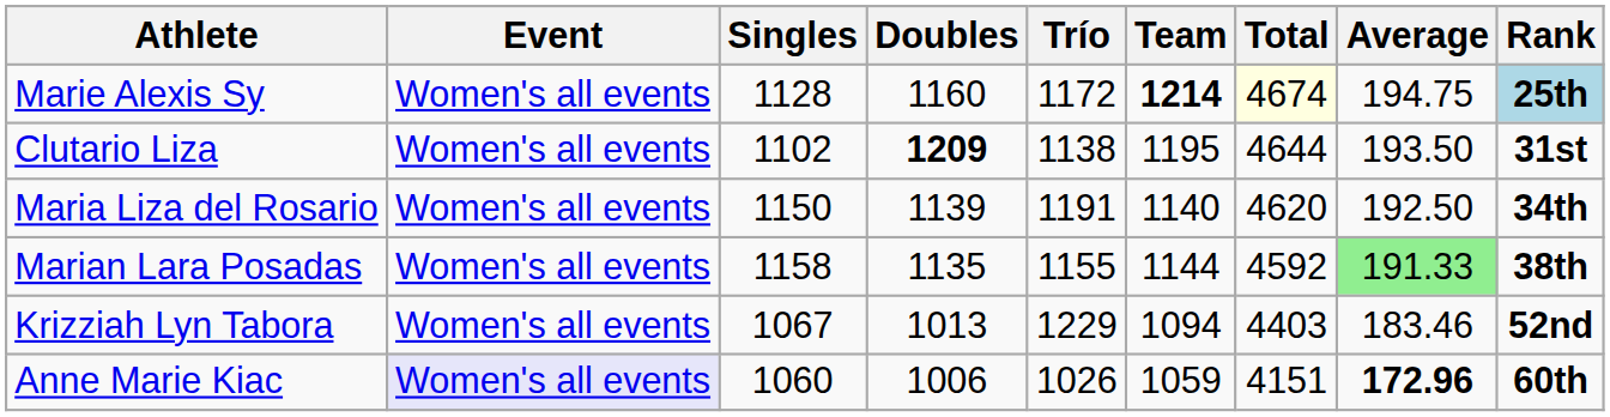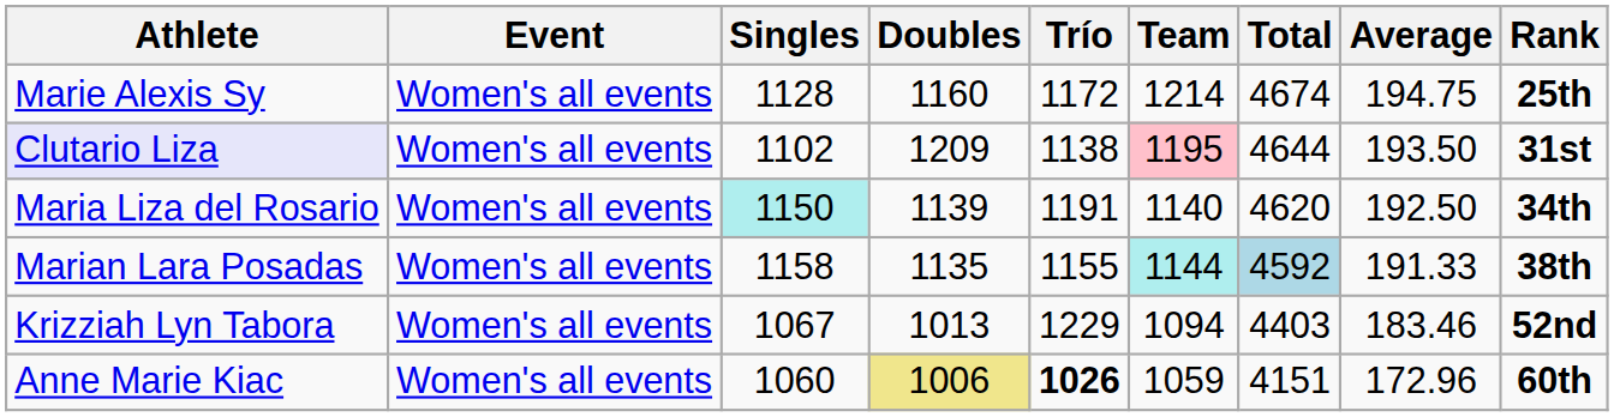 <table class="wikitable" border="1" style="font-size:90%">
 <tr>
 <th>Athlete</th>
 <th>Event</th>
 <th>Singles</th>
 <th>Doubles</th>
 <th>Trío</th>
 <th>Team</th>
 <th>Total</th>
 <th>Average</th>
 <th>Rank</th>
 </tr>
 <tr>
 <td><a href='#'>Marie Alexis Sy</a></td>
 <td><a href='#'>Women's all events</a></td>
 <td align=center>1128</td>
 <td align=center>1160</td>
 <td align=center>1172</td>
-<td align=center><strong>1214</strong></td>
-<td align=center style="background: lightyellow;">4674</td>
+<td align=center>1214</td>
+<td align=center>4674</td>
 <td align=center>194.75</td>
-<td align=center style="background: lightblue;"><strong>25th</strong></td>
+<td align=center><strong>25th</strong></td>
 </tr>
 <tr>
-<td><a href='#'>Clutario Liza</a></td>
+<td style="background: lavender;"><a href='#'>Clutario Liza</a></td>
 <td><a href='#'>Women's all events</a></td>
 <td align=center>1102</td>
-<td align=center><strong>1209</strong></td>
+<td align=center>1209</td>
 <td align=center>1138</td>
-<td align=center>1195</td>
+<td align=center style="background: pink;">1195</td>
 <td align=center>4644</td>
 <td align=center>193.50</td>
 <td align=center><strong>31st</strong></td>
 </tr>
 <tr>
 <td><a href='#'>Maria Liza del Rosario</a></td>
 <td><a href='#'>Women's all events</a></td>
-<td align=center>1150</td>
+<td align=center style="background: paleturquoise;">1150</td>
 <td align=center>1139</td>
 <td align=center>1191</td>
 <td align=center>1140</td>
 <td align=center>4620</td>
 <td align=center>192.50</td>
 <td align=center><strong>34th</strong></td>
 </tr>
 <tr>
 <td><a href='#'>Marian Lara Posadas</a></td>
 <td><a href='#'>Women's all events</a></td>
 <td align=center>1158</td>
 <td align=center>1135</td>
 <td align=center>1155</td>
-<td align=center>1144</td>
-<td align=center>4592</td>
-<td align=center style="background: lightgreen;">191.33</td>
+<td align=center style="background: paleturquoise;">1144</td>
+<td align=center style="background: lightblue;">4592</td>
+<td align=center>191.33</td>
 <td align=center><strong>38th</strong></td>
 </tr>
 <tr>
 <td><a href='#'>Krizziah Lyn Tabora</a></td>
 <td><a href='#'>Women's all events</a></td>
 <td align=center>1067</td>
 <td align=center>1013</td>
 <td align=center>1229</td>
 <td align=center>1094</td>
 <td align=center>4403</td>
 <td align=center>183.46</td>
 <td align=center><strong>52nd</strong></td>
 </tr>
 <tr>
 <td><a href='#'>Anne Marie Kiac</a></td>
-<td style="background: lavender;"><a href='#'>Women's all events</a></td>
+<td><a href='#'>Women's all events</a></td>
 <td align=center>1060</td>
-<td align=center>1006</td>
-<td align=center>1026</td>
+<td align=center style="background: khaki;">1006</td>
+<td align=center><strong>1026</strong></td>
 <td align=center>1059</td>
 <td align=center>4151</td>
-<td align=center><strong>172.96</strong></td>
+<td align=center>172.96</td>
 <td align=center><strong>60th</strong></td>
 </tr>
 </table>
